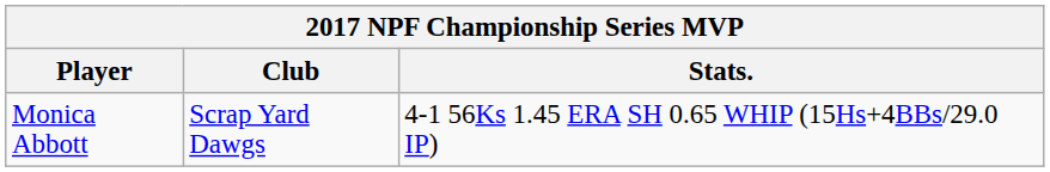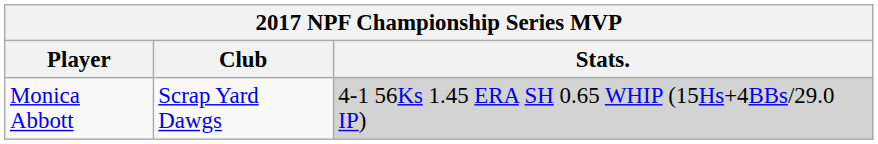 <table class="wikitable">
 <tr>
 <th colspan=3>2017 NPF Championship Series MVP</th>
 </tr>
 <tr>
 <th>Player</th>
 <th>Club</th>
 <th>Stats.</th>
 </tr>
 <tr>
 <td><a href='#'>Monica Abbott</a></td>
 <td><a href='#'>Scrap Yard Dawgs</a></td>
-<td>4-1 56<a href='#'>Ks</a> 1.45 <a href='#'>ERA</a> <a href='#'>SH</a> 0.65 <a href='#'>WHIP</a> (15<a href='#'>Hs</a>+4<a href='#'>BBs</a>/29.0 <a href='#'>IP</a>)</td>
+<td style="background: lightgrey;">4-1 56<a href='#'>Ks</a> 1.45 <a href='#'>ERA</a> <a href='#'>SH</a> 0.65 <a href='#'>WHIP</a> (15<a href='#'>Hs</a>+4<a href='#'>BBs</a>/29.0 <a href='#'>IP</a>)</td>
 </tr>
 </table>
